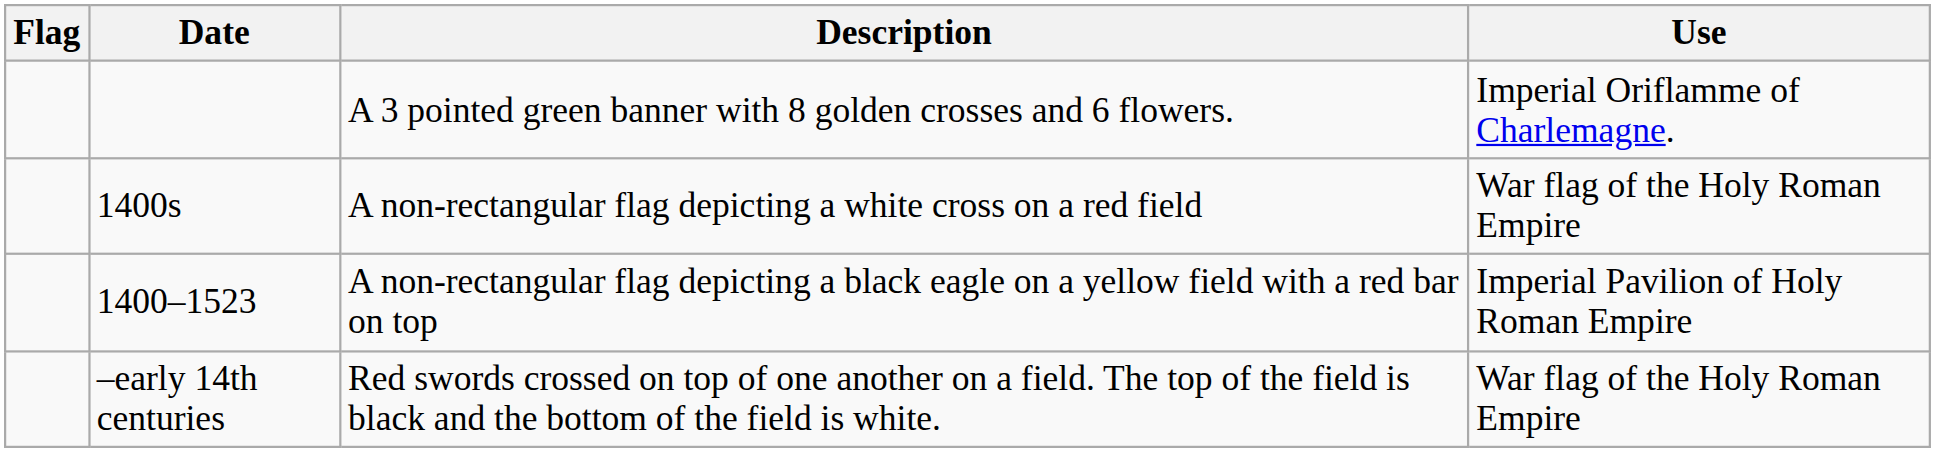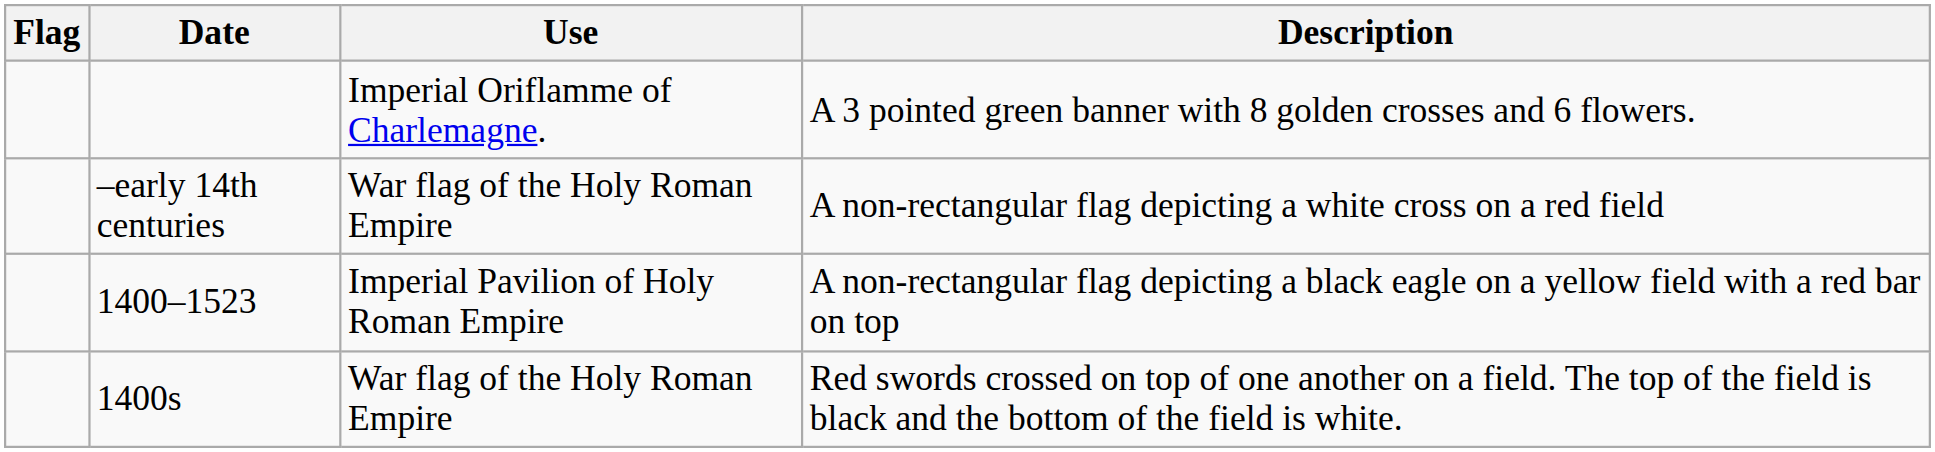 <table class="wikitable">
 <tr>
 <th>Flag</th>
 <th>Date</th>
+<th>Use</th>
 <th>Description</th>
-<th>Use</th>
 </tr>
 <tr>
 <td></td>
 <td></td>
+<td>Imperial Oriflamme of <a href='#'>Charlemagne</a>.</td>
 <td>A 3 pointed green banner with 8 golden crosses and 6 flowers.</td>
-<td>Imperial Oriflamme of <a href='#'>Charlemagne</a>.</td>
+</tr>
+<tr>
+<td></td>
+<td>–early 14th centuries</td>
+<td>War flag of the Holy Roman Empire</td>
+<td>A non-rectangular flag depicting a white cross on a red field</td>
+</tr>
+<tr>
+<td></td>
+<td>1400–1523</td>
+<td>Imperial Pavilion of Holy Roman Empire</td>
+<td>A non-rectangular flag depicting a black eagle on a yellow field with a red bar on top</td>
 </tr>
 <tr>
 <td></td>
 <td>1400s</td>
-<td>A non-rectangular flag depicting a white cross on a red field</td>
 <td>War flag of the Holy Roman Empire</td>
-</tr>
-<tr>
-<td></td>
-<td>1400–1523</td>
-<td>A non-rectangular flag depicting a black eagle on a yellow field with a red bar on top</td>
-<td>Imperial Pavilion of Holy Roman Empire</td>
-</tr>
-<tr>
-<td></td>
-<td>–early 14th centuries</td>
 <td>Red swords crossed on top of one another on a field. The top of the field is black and the bottom of the field is white.</td>
-<td>War flag of the Holy Roman Empire</td>
 </tr>
 </table>
